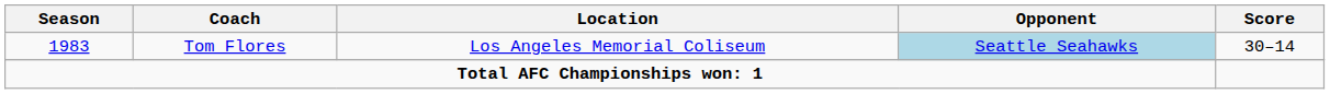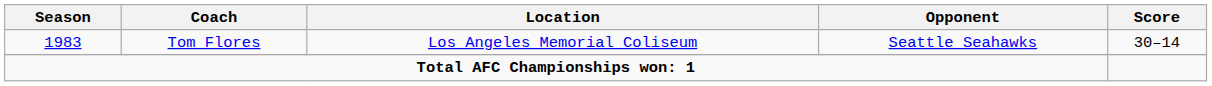 <table class="wikitable" style="width:80%;text-align:center">
 <tr>
 <th>Season</th>
 <th>Coach</th>
 <th>Location</th>
 <th>Opponent</th>
 <th>Score</th>
 </tr>
 <tr>
 <td><a href='#'>1983</a></td>
 <td><a href='#'>Tom Flores</a></td>
 <td><a href='#'>Los Angeles Memorial Coliseum</a></td>
-<td style="background: lightblue;"><a href='#'>Seattle Seahawks</a></td>
+<td><a href='#'>Seattle Seahawks</a></td>
 <td>30–14</td>
 </tr>
 <tr>
 </tr>
 <tr>
 <td colspan="4"><strong>Total AFC Championships won: 1</strong></td>
 <td></td>
 </tr>
 </table>
